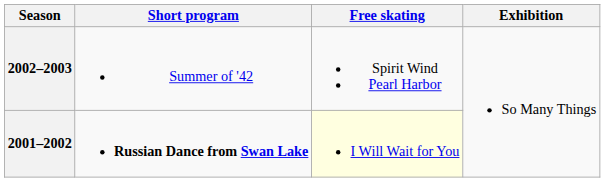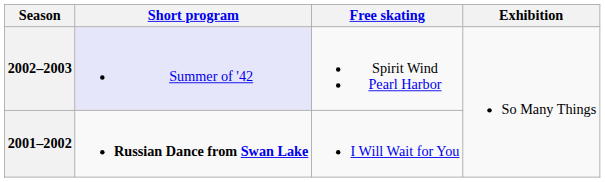 <table class="wikitable" style="text-align:center">
 <tr>
 <th>Season</th>
 <th><a href='#'>Short program</a></th>
 <th><a href='#'>Free skating</a></th>
 <th>Exhibition</th>
 </tr>
 <tr>
 <th>2002–2003 <br> </th>
-<td><br><ul><li><a href='#'>Summer of '42</a><br></li></ul></td>
+<td style="background: lavender;"><br><ul><li><a href='#'>Summer of '42</a><br></li></ul></td>
 <td><br><ul><li>Spirit Wind <br></li><li><a href='#'>Pearl Harbor</a> <br></li></ul></td>
 <td rowspan=2><br><ul><li>So Many Things <br></li></ul></td>
 </tr>
 <tr>
 <th>2001–2002 <br> </th>
 <td><strong><br><ul><li>Russian Dance from <a href='#'>Swan Lake</a> <br></li></ul></strong></td>
-<td style="background: lightyellow;"><br><ul><li><a href='#'>I Will Wait for You</a> <br></li></ul></td>
+<td><br><ul><li><a href='#'>I Will Wait for You</a> <br></li></ul></td>
 </tr>
 </table>
